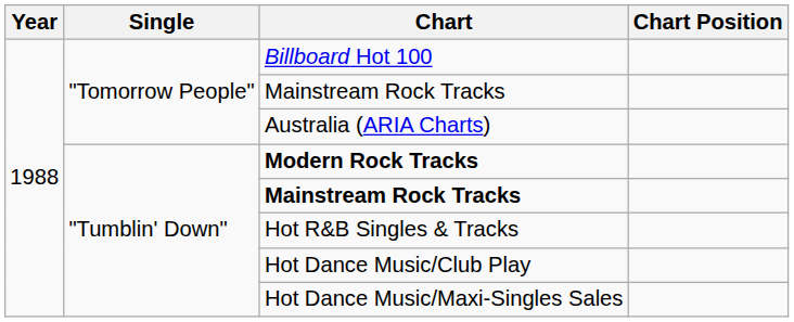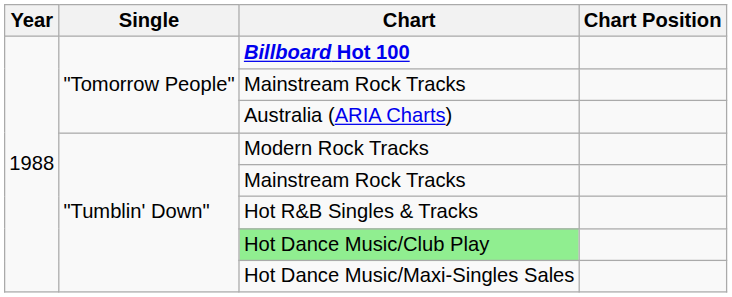 <table class="wikitable">
 <tr>
 <th>Year</th>
 <th>Single</th>
 <th>Chart</th>
 <th>Chart Position</th>
 </tr>
 <tr>
 <td rowspan="8">1988</td>
 <td rowspan="3">"Tomorrow People"</td>
-<td><a href='#'><em>Billboard</em> Hot 100</a></td>
+<td><strong><a href='#'><em>Billboard</em> Hot 100</a></strong></td>
 <td></td>
 </tr>
 <tr>
 <td>Mainstream Rock Tracks</td>
 <td></td>
 </tr>
 <tr>
 <td>Australia (<a href='#'>ARIA Charts</a>)</td>
 <td></td>
 </tr>
 <tr>
 <td rowspan="5">"Tumblin' Down"</td>
-<td><strong>Modern Rock Tracks</strong></td>
+<td>Modern Rock Tracks</td>
 <td></td>
 </tr>
 <tr>
-<td><strong>Mainstream Rock Tracks</strong></td>
+<td>Mainstream Rock Tracks</td>
 <td></td>
 </tr>
 <tr>
 <td>Hot R&B Singles & Tracks</td>
 <td></td>
 </tr>
 <tr>
-<td>Hot Dance Music/Club Play</td>
+<td style="background: lightgreen;">Hot Dance Music/Club Play</td>
 <td></td>
 </tr>
 <tr>
 <td>Hot Dance Music/Maxi-Singles Sales</td>
 <td></td>
 </tr>
 </table>
